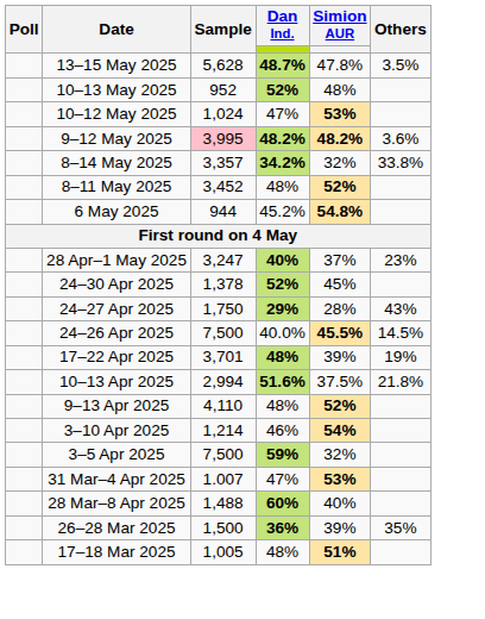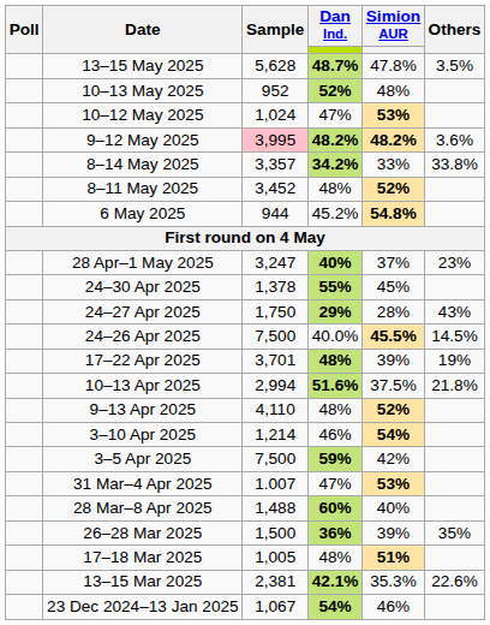 <table class="wikitable sortable" style="text-align:center;font-size:85%;line-height:14px;">
 <tr>
 <th rowspan="2">Poll</th>
 <th rowspan="2">Date</th>
 <th rowspan="2" style="width:35px;">Sample</th>
 <th class="unsortable" style="width:20px;"><a href='#'>Dan</a><br><small><a href='#'>Ind.</a></small></th>
 <th class="unsortable" style="width:20px;"><a href='#'>Simion</a><br><small><a href='#'>AUR</a></small></th>
 <th rowspan="2">Others</th>
 </tr>
 <tr>
 <th style="background:#BAE002; "></th>
 <th style="background:"></th>
 </tr>
 <tr>
 <td></td>
 <td>13–15 May 2025</td>
 <td>5,628</td>
 <td style="background:#C2E47B"><strong>48.7%</strong></td>
 <td>47.8%</td>
 <td>3.5%</td>
 </tr>
 <tr>
 <td></td>
 <td>10–13 May 2025</td>
 <td>952</td>
 <td style="background:#C2E47B"><strong>52%</strong></td>
 <td>48%</td>
 <td></td>
 </tr>
 <tr>
 <td></td>
 <td>10–12 May 2025</td>
 <td>1,024</td>
 <td>47%</td>
 <td style="background:#ffe5a5"><strong>53%</strong></td>
 <td></td>
 </tr>
 <tr>
 <td></td>
 <td>9–12 May 2025</td>
 <td style="background: pink;">3,995</td>
 <td style="background:#C2E47B"><strong>48.2%</strong></td>
 <td style="background:#ffe5a5"><strong>48.2%</strong></td>
 <td>3.6%</td>
 </tr>
 <tr>
 <td></td>
 <td>8–14 May 2025</td>
 <td>3,357</td>
 <td style="background:#C2E47B"><strong>34.2%</strong></td>
-<td>32%</td>
+<td>33%</td>
 <td>33.8%</td>
 </tr>
 <tr>
 <td></td>
 <td>8–11 May 2025</td>
 <td>3,452</td>
 <td>48%</td>
 <td style="background:#ffe5a5"><strong>52%</strong></td>
 <td></td>
 </tr>
 <tr>
 <td></td>
 <td>6 May 2025</td>
 <td>944</td>
 <td>45.2%</td>
 <td style="background:#ffe5a5"><strong>54.8%</strong></td>
 <td></td>
 </tr>
 <tr>
 <th colspan="6">First round on 4 May</th>
 </tr>
 <tr>
 <td></td>
 <td>28 Apr–1 May 2025</td>
 <td>3,247</td>
 <td style="background:#C2E47B"><strong>40%</strong></td>
 <td>37%</td>
 <td>23%</td>
 </tr>
 <tr>
 <td></td>
 <td>24–30 Apr 2025</td>
 <td>1,378</td>
-<td style="background:#C2E47B"><strong>52%</strong></td>
+<td style="background:#C2E47B"><strong>55%</strong></td>
 <td>45%</td>
 <td></td>
 </tr>
 <tr>
 <td></td>
 <td>24–27 Apr 2025</td>
 <td>1,750</td>
 <td style="background:#C2E47B"><strong>29%</strong></td>
 <td>28%</td>
 <td>43%</td>
 </tr>
 <tr>
 <td></td>
 <td>24–26 Apr 2025</td>
 <td>7,500</td>
 <td>40.0%</td>
 <td style="background:#ffe5a5"><strong>45.5%</strong></td>
 <td>14.5%</td>
 </tr>
 <tr>
 <td></td>
 <td>17–22 Apr 2025</td>
 <td>3,701</td>
 <td style="background:#C2E47B"><strong>48%</strong></td>
 <td>39%</td>
 <td>19%</td>
 </tr>
 <tr>
 <td></td>
 <td>10–13 Apr 2025</td>
 <td>2,994</td>
 <td style="background:#C2E47B"><strong>51.6%</strong></td>
 <td>37.5%</td>
 <td>21.8%</td>
 </tr>
 <tr>
 <td></td>
 <td>9–13 Apr 2025</td>
 <td>4,110</td>
 <td>48%</td>
 <td style="background:#ffe5a5"><strong>52%</strong></td>
 <td></td>
 </tr>
 <tr>
 <td></td>
 <td>3–10 Apr 2025</td>
 <td>1,214</td>
 <td>46%</td>
 <td style="background:#ffe5a5;"><strong>54%</strong></td>
 <td></td>
 </tr>
 <tr>
 <td></td>
 <td>3–5 Apr 2025</td>
 <td>7,500</td>
 <td style="background:#C2E47B"><strong>59%</strong></td>
-<td>32%</td>
+<td>42%</td>
 <td></td>
 </tr>
 <tr>
 <td></td>
 <td>31 Mar–4 Apr 2025</td>
 <td>1.007</td>
 <td>47%</td>
 <td style="background:#ffe5a5;"><strong>53%</strong></td>
 <td></td>
 </tr>
 <tr>
 <td></td>
 <td>28 Mar–8 Apr 2025</td>
 <td>1,488</td>
 <td style="background:#C2E47B"><strong>60%</strong></td>
 <td>40%</td>
 <td></td>
 </tr>
 <tr>
 <td></td>
 <td>26–28 Mar 2025</td>
 <td>1,500</td>
 <td style="background:#C2E47B"><strong>36%</strong></td>
 <td>39%</td>
 <td>35%</td>
 </tr>
 <tr>
 <td></td>
 <td>17–18 Mar 2025</td>
 <td>1,005</td>
 <td>48%</td>
 <td style="background:#ffe5a5;"><strong>51%</strong></td>
 <td></td>
 </tr>
+<tr>
+<td></td>
+<td>13–15 Mar 2025</td>
+<td>2,381</td>
+<td style="background:#C2E47B"><strong>42.1%</strong></td>
+<td>35.3%</td>
+<td>22.6%</td>
+</tr>
+<tr>
+<td></td>
+<td>23 Dec 2024–13 Jan 2025</td>
+<td>1,067</td>
+<td style="background:#C2E47B"><strong>54%</strong></td>
+<td>46%</td>
+<td></td>
+</tr>
 </table>
